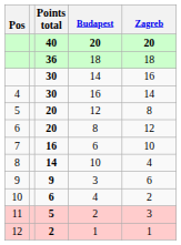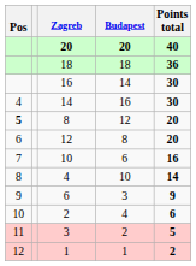 <table class="wikitable" style="text-align:center;">
 <tr>
 <th style="width:1.8em;"><br>Pos</th>
 <th></th>
+<th style="width:5.2em;;font-size:85%;vertical-align:top;padding-left:4px;;padding-right:4px;;"><br><a href='#'>Zagreb</a></th>
+<th style="width:5.2em;;font-size:85%;vertical-align:top;padding-left:4px;;padding-right:4px;;"><br><a href='#'>Budapest</a></th>
 <th>Points<br>total</th>
-<th style="width:5.2em;;font-size:85%;vertical-align:top;padding-left:4px;;padding-right:4px;;"><br><a href='#'>Budapest</a></th>
-<th style="width:5.2em;;font-size:85%;vertical-align:top;padding-left:4px;;padding-right:4px;;"><br><a href='#'>Zagreb</a></th>
 </tr>
 <tr bgcolor="ccffcc">
 <td></td>
 <td align="left"></td>
-<td><strong>40</strong></td>
 <td><strong>20</strong></td>
 <td><strong>20</strong></td>
+<td><strong>40</strong></td>
 </tr>
 <tr bgcolor="ccffcc">
 <td></td>
 <td align="left"></td>
-<td><strong>36</strong></td>
 <td>18</td>
 <td>18</td>
+<td><strong>36</strong></td>
 </tr>
 <tr>
 <td></td>
 <td align="left"></td>
+<td>16</td>
+<td>14</td>
 <td><strong>30</strong></td>
-<td>14</td>
-<td>16</td>
 </tr>
 <tr>
 <td>4</td>
 <td align="left"></td>
+<td>14</td>
+<td>16</td>
 <td><strong>30</strong></td>
-<td>16</td>
-<td>14</td>
 </tr>
 <tr>
-<td>5</td>
+<td><strong>5</strong></td>
 <td align="left"></td>
+<td>8</td>
+<td>12</td>
 <td><strong>20</strong></td>
-<td>12</td>
-<td>8</td>
 </tr>
 <tr>
 <td>6</td>
 <td align="left"></td>
+<td>12</td>
+<td>8</td>
 <td><strong>20</strong></td>
-<td>8</td>
-<td>12</td>
 </tr>
 <tr>
 <td>7</td>
 <td align="left"></td>
+<td>10</td>
+<td>6</td>
 <td><strong>16</strong></td>
-<td>6</td>
-<td>10</td>
 </tr>
 <tr>
 <td>8</td>
 <td align="left"></td>
+<td>4</td>
+<td>10</td>
 <td><strong>14</strong></td>
-<td>10</td>
-<td>4</td>
 </tr>
 <tr>
 <td>9</td>
 <td align="left"></td>
+<td>6</td>
+<td>3</td>
 <td><strong>9</strong></td>
-<td>3</td>
-<td>6</td>
 </tr>
 <tr>
 <td>10</td>
 <td align="left"></td>
+<td>2</td>
+<td>4</td>
 <td><strong>6</strong></td>
-<td>4</td>
-<td>2</td>
 </tr>
 <tr bgcolor="ffcccc">
 <td>11</td>
 <td align="left"></td>
+<td>3</td>
+<td>2</td>
 <td><strong>5</strong></td>
-<td>2</td>
-<td>3</td>
 </tr>
 <tr bgcolor="ffcccc">
 <td>12</td>
 <td align="left"></td>
-<td><strong>2</strong></td>
 <td>1</td>
 <td>1</td>
+<td><strong>2</strong></td>
 </tr>
 </table>
